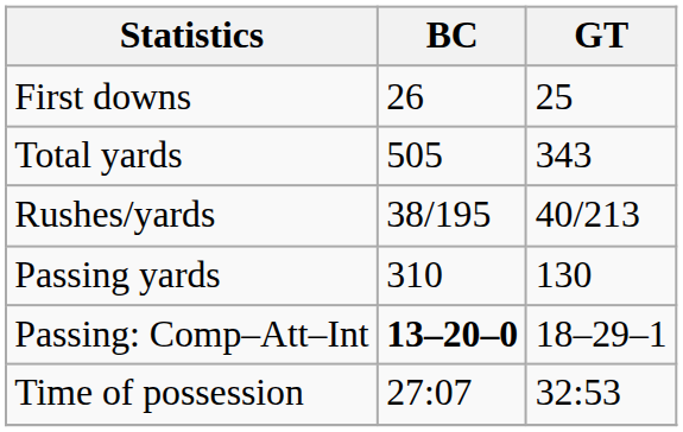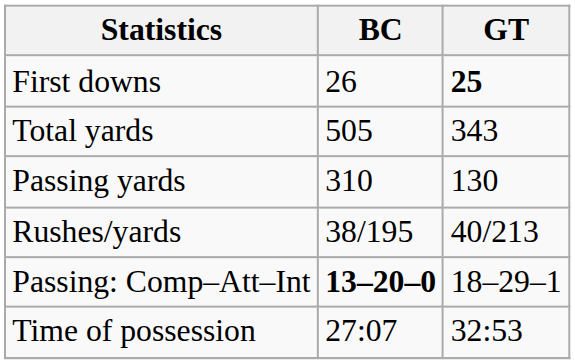 <table class="wikitable" style="float: left;">
 <tr>
 <th>Statistics</th>
 <th>BC</th>
 <th>GT</th>
 </tr>
 <tr>
 <td>First downs</td>
 <td>26</td>
-<td>25</td>
+<td><strong>25</strong></td>
 </tr>
 <tr>
 <td>Total yards</td>
 <td>505</td>
 <td>343</td>
 </tr>
 <tr>
+<td>Passing yards</td>
+<td>310</td>
+<td>130</td>
+</tr>
+<tr>
 <td>Rushes/yards</td>
 <td>38/195</td>
 <td>40/213</td>
-</tr>
-<tr>
-<td>Passing yards</td>
-<td>310</td>
-<td>130</td>
 </tr>
 <tr>
 <td>Passing: Comp–Att–Int</td>
 <td><strong>13–20–0</strong></td>
 <td>18–29–1</td>
 </tr>
 <tr>
 <td>Time of possession</td>
 <td>27:07</td>
 <td>32:53</td>
 </tr>
 <tr>
 </tr>
 </table>
